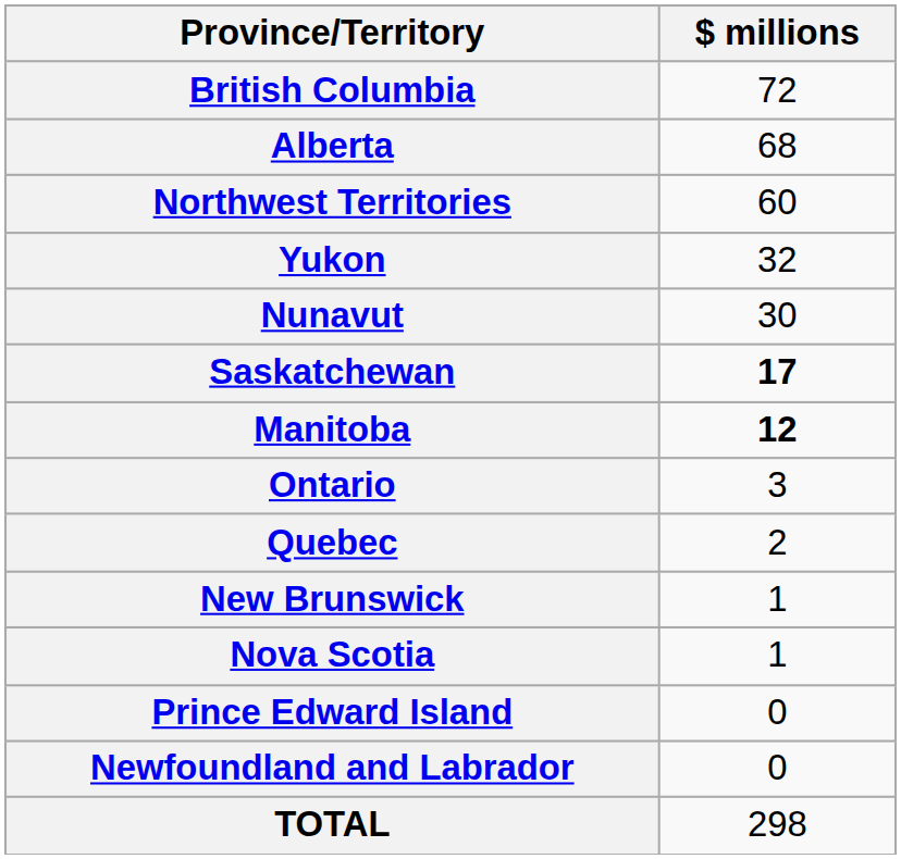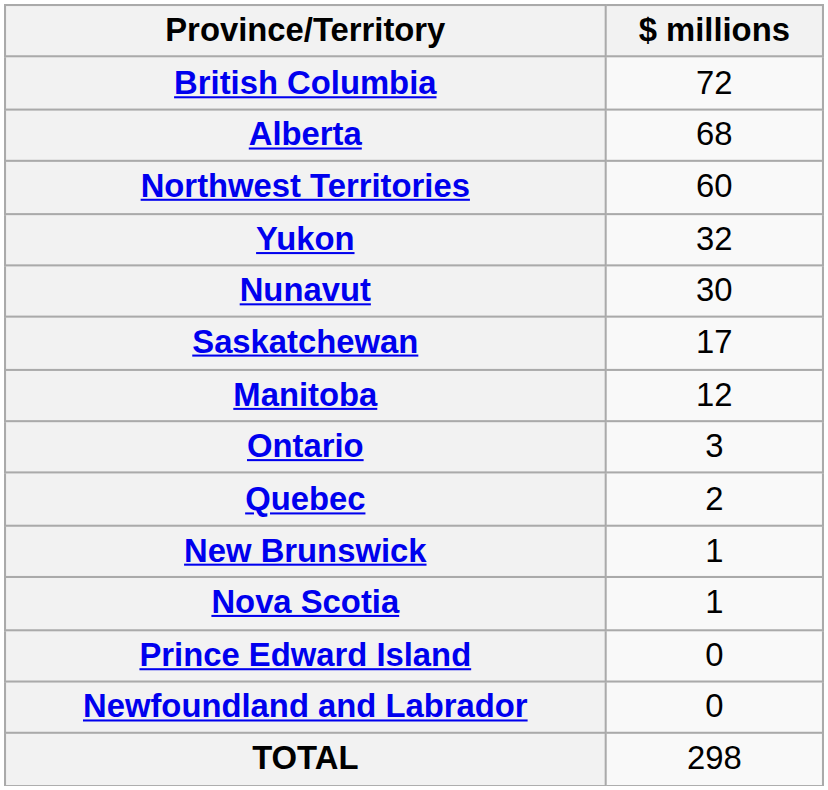 <table class="wikitable" style="text-align:center; width:400px; height:200px;">
 <tr>
 <th>Province/Territory</th>
 <th>$ millions</th>
 </tr>
 <tr>
 <th><a href='#'>British Columbia</a></th>
 <td>72</td>
 </tr>
 <tr>
 <th><a href='#'>Alberta</a></th>
 <td>68</td>
 </tr>
 <tr>
 <th><a href='#'>Northwest Territories</a></th>
 <td>60</td>
 </tr>
 <tr>
 <th><a href='#'>Yukon</a></th>
 <td>32</td>
 </tr>
 <tr>
 <th><a href='#'>Nunavut</a></th>
 <td>30</td>
 </tr>
 <tr>
 <th><a href='#'>Saskatchewan</a></th>
-<td><strong>17</strong></td>
+<td>17</td>
 </tr>
 <tr>
 <th><a href='#'>Manitoba</a></th>
-<td><strong>12</strong></td>
+<td>12</td>
 </tr>
 <tr>
 <th><a href='#'>Ontario</a></th>
 <td>3</td>
 </tr>
 <tr>
 <th><a href='#'>Quebec</a></th>
 <td>2</td>
 </tr>
 <tr>
 <th><a href='#'>New Brunswick</a></th>
 <td>1</td>
 </tr>
 <tr>
 <th><a href='#'>Nova Scotia</a></th>
 <td>1</td>
 </tr>
 <tr>
 <th><a href='#'>Prince Edward Island</a></th>
 <td>0</td>
 </tr>
 <tr>
 <th><a href='#'>Newfoundland and Labrador</a></th>
 <td>0</td>
 </tr>
 <tr>
 <th>TOTAL</th>
 <td>298</td>
 </tr>
 </table>
